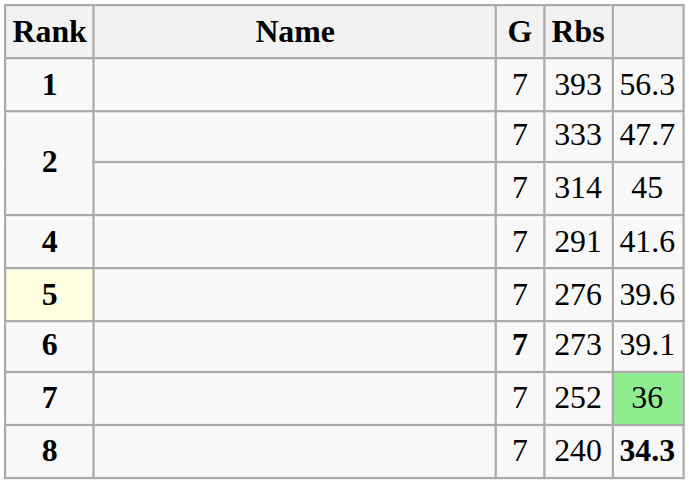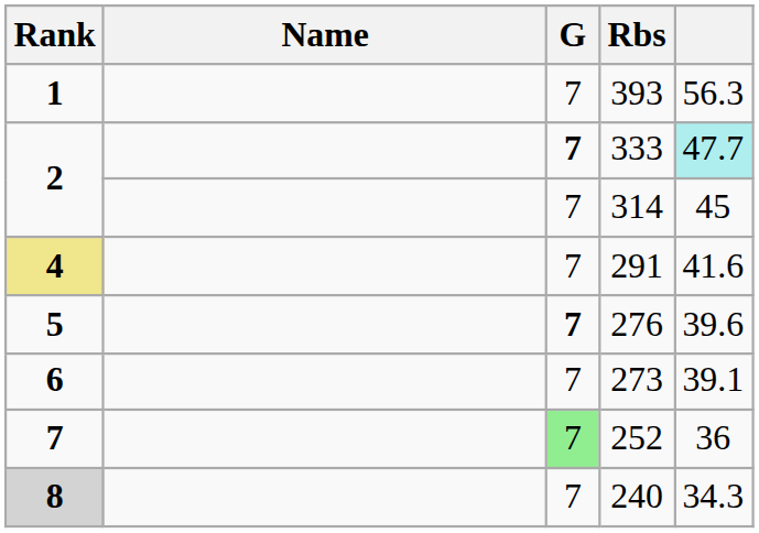 <table class="wikitable" style="text-align:center; font-size:90%;">
 <tr>
 <th width=10px>Rank</th>
 <th width=175px>Name</th>
 <th width=15px>G</th>
 <th width=10px>Rbs</th>
 <th width=10px></th>
 </tr>
 <tr>
 <td><strong>1</strong></td>
 <td align=left><strong></strong></td>
 <td>7</td>
 <td>393</td>
 <td>56.3</td>
 </tr>
 <tr>
 <td rowspan=2><strong>2</strong></td>
 <td align=left></td>
-<td>7</td>
+<td><strong>7</strong></td>
 <td>333</td>
-<td>47.7</td>
+<td style="background: paleturquoise;">47.7</td>
 </tr>
 <tr>
 <td align=left></td>
 <td>7</td>
 <td>314</td>
 <td>45</td>
 </tr>
 <tr>
-<td><strong>4</strong></td>
+<td style="background: khaki;"><strong>4</strong></td>
 <td align=left></td>
 <td>7</td>
 <td>291</td>
 <td>41.6</td>
 </tr>
 <tr>
-<td style="background: lightyellow;"><strong>5</strong></td>
+<td><strong>5</strong></td>
 <td align=left></td>
-<td>7</td>
+<td><strong>7</strong></td>
 <td>276</td>
 <td>39.6</td>
 </tr>
 <tr>
 <td><strong>6</strong></td>
 <td align=left></td>
-<td><strong>7</strong></td>
+<td>7</td>
 <td>273</td>
 <td>39.1</td>
 </tr>
 <tr>
 <td><strong>7</strong></td>
 <td align=left></td>
-<td>7</td>
+<td style="background: lightgreen;">7</td>
 <td>252</td>
-<td style="background: lightgreen;">36</td>
+<td>36</td>
 </tr>
 <tr>
-<td><strong>8</strong></td>
+<td style="background: lightgrey;"><strong>8</strong></td>
 <td align=left></td>
 <td>7</td>
 <td>240</td>
-<td><strong>34.3</strong></td>
+<td>34.3</td>
 </tr>
 </table>
